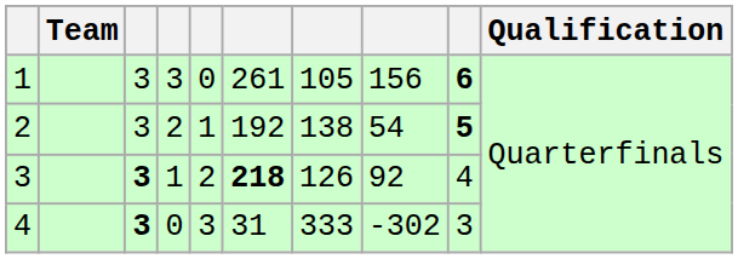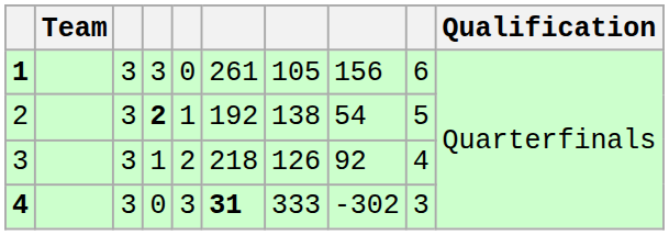 <table class="wikitable">
 <tr>
 <th></th>
 <th>Team</th>
 <th></th>
 <th></th>
 <th></th>
 <th></th>
 <th></th>
 <th></th>
 <th></th>
 <th>Qualification</th>
 </tr>
 <tr bgcolor=ccffcc>
-<td>1</td>
+<td><strong>1</strong></td>
 <td></td>
 <td>3</td>
 <td>3</td>
 <td>0</td>
 <td>261</td>
 <td>105</td>
 <td>156</td>
-<td><strong>6</strong></td>
+<td>6</td>
 <td rowspan=4>Quarterfinals</td>
 </tr>
 <tr bgcolor=ccffcc>
 <td>2</td>
 <td></td>
 <td>3</td>
-<td>2</td>
+<td><strong>2</strong></td>
 <td>1</td>
 <td>192</td>
 <td>138</td>
 <td>54</td>
-<td><strong>5</strong></td>
+<td>5</td>
 </tr>
 <tr bgcolor=ccffcc>
 <td>3</td>
 <td></td>
-<td><strong>3</strong></td>
+<td>3</td>
 <td>1</td>
 <td>2</td>
-<td><strong>218</strong></td>
+<td>218</td>
 <td>126</td>
 <td>92</td>
 <td>4</td>
 </tr>
 <tr bgcolor=ccffcc>
-<td>4</td>
+<td><strong>4</strong></td>
 <td></td>
-<td><strong>3</strong></td>
+<td>3</td>
 <td>0</td>
 <td>3</td>
-<td>31</td>
+<td><strong>31</strong></td>
 <td>333</td>
 <td>-302</td>
 <td>3</td>
 </tr>
 </table>
